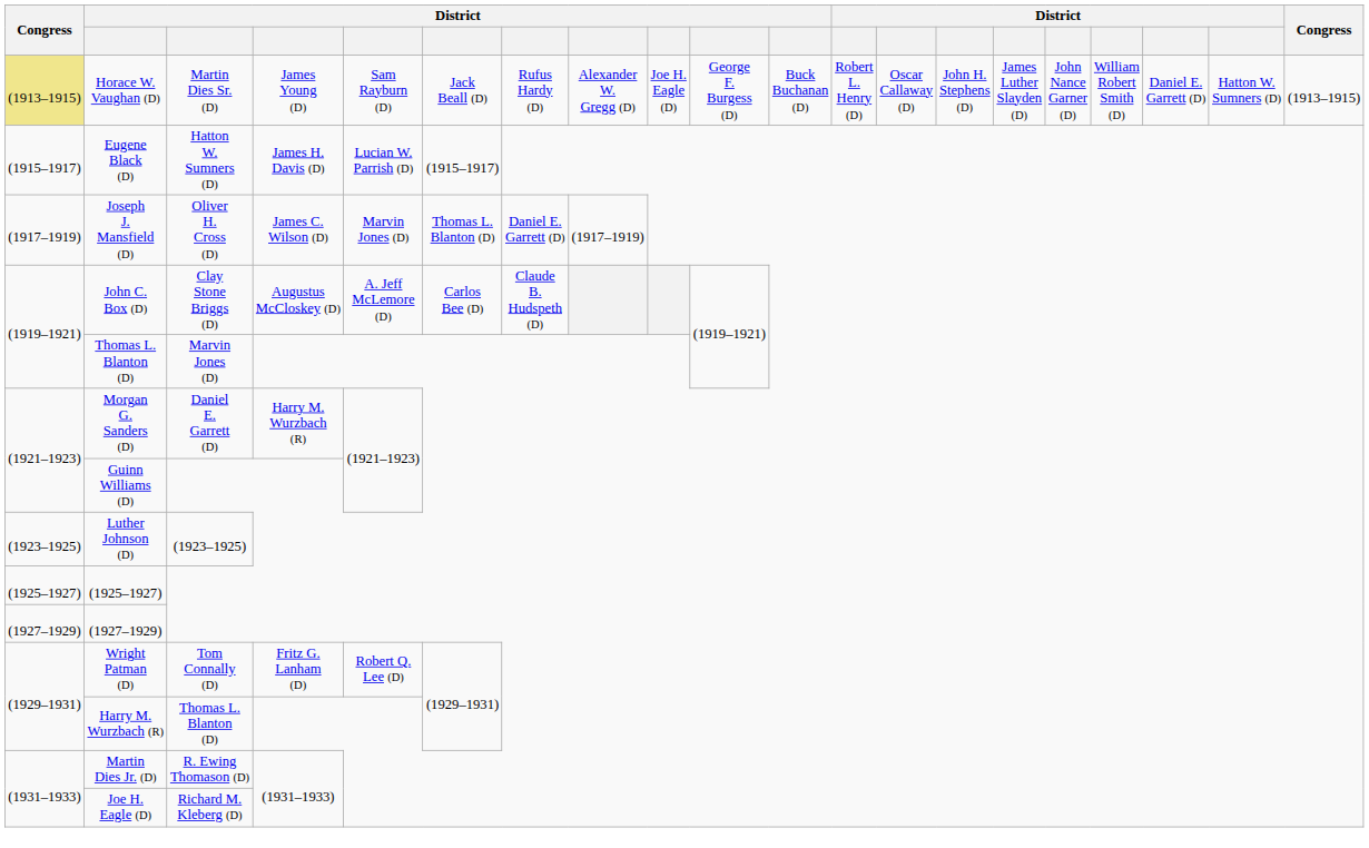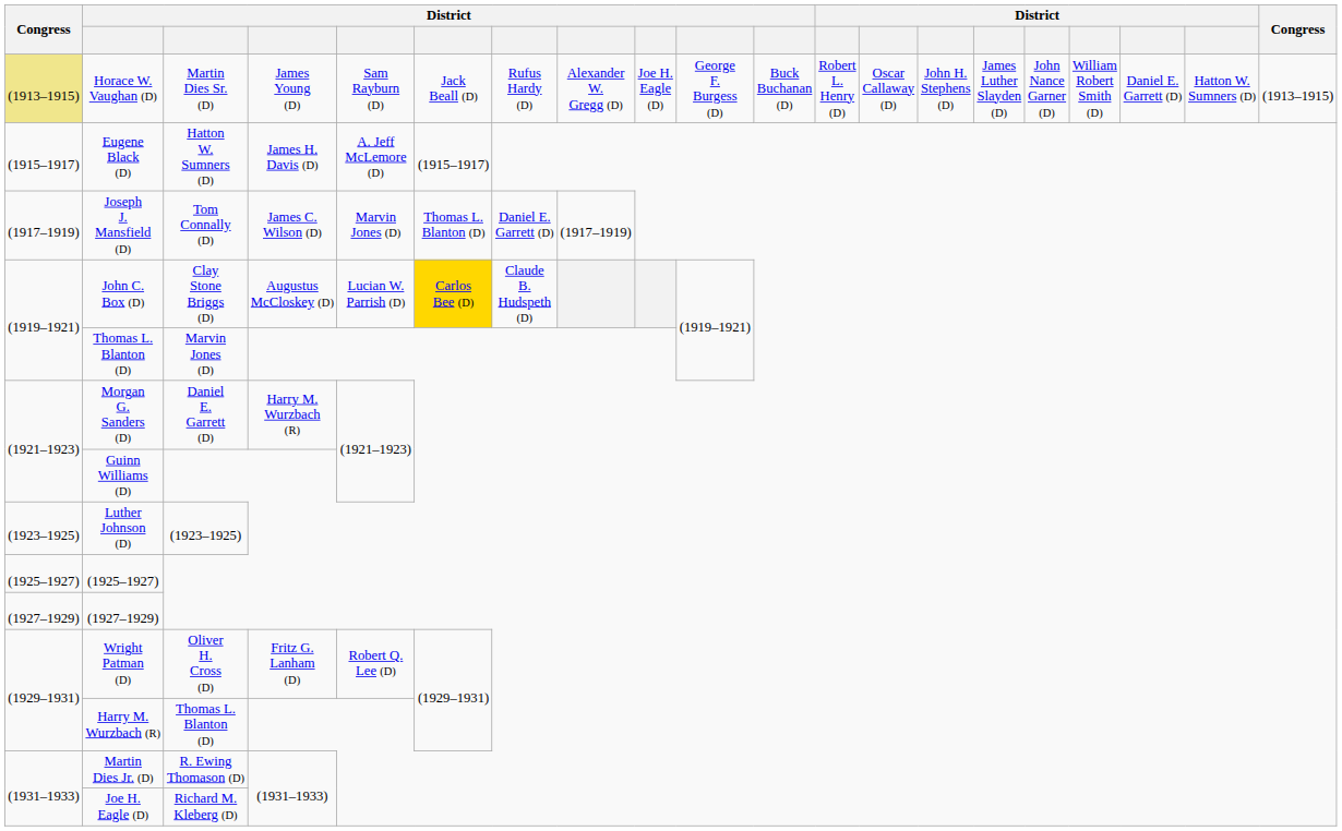 <table class=wikitable style="text-align:center">
 <tr>
 <th rowspan=2>Cong­ress</th>
 <th colspan=10>District</th>
 <th colspan=8>District</th>
 <th rowspan=2>Cong­ress</th>
 </tr>
 <tr style="height:2em">
 <th></th>
 <th></th>
 <th></th>
 <th></th>
 <th></th>
 <th></th>
 <th></th>
 <th></th>
 <th></th>
 <th></th>
 <th></th>
 <th></th>
 <th></th>
 <th></th>
 <th></th>
 <th></th>
 <th></th>
 <th></th>
 </tr>
 <tr style="height:2em">
 <td style="background: khaki;"><strong></strong><br>(1913–1915)</td>
 <td><a href='#'>Horace W.<br>Vaughan</a> <small>(D)</small></td>
 <td><a href='#'>Martin<br>Dies Sr.</a><br><small>(D)</small></td>
 <td><a href='#'>James<br>Young</a><br><small>(D)</small></td>
 <td><a href='#'>Sam<br>Rayburn</a><br><small>(D)</small></td>
 <td><a href='#'>Jack<br>Beall</a> <small>(D)</small></td>
 <td><a href='#'>Rufus<br>Hardy</a><br><small>(D)</small></td>
 <td><a href='#'>Alexander<br>W.<br>Gregg</a> <small>(D)</small></td>
 <td><a href='#'>Joe H.<br>Eagle</a><br><small>(D)</small></td>
 <td><a href='#'>George<br>F.<br>Burgess</a><br><small>(D)</small></td>
 <td><a href='#'>Buck<br>Buchanan</a><br><small>(D)</small></td>
 <td><a href='#'>Robert<br>L.<br>Henry</a><br><small>(D)</small></td>
 <td><a href='#'>Oscar<br>Callaway</a><br><small>(D)</small></td>
 <td><a href='#'>John H.<br>Stephens</a><br><small>(D)</small></td>
 <td><a href='#'>James<br>Luther<br>Slayden</a><br><small>(D)</small></td>
 <td><a href='#'>John<br>Nance<br>Garner</a><br><small>(D)</small></td>
 <td><a href='#'>William<br>Robert<br>Smith</a><br><small>(D)</small></td>
 <td><a href='#'>Daniel E.<br>Garrett</a> <small>(D)</small></td>
 <td><a href='#'>Hatton W.<br>Sumners</a> <small>(D)</small></td>
 <td><strong></strong><br>(1913–1915)</td>
 </tr>
 <tr style="height:2em">
 <td><strong></strong><br>(1915–1917)</td>
 <td><a href='#'>Eugene<br>Black</a><br><small>(D)</small></td>
 <td><a href='#'>Hatton<br>W.<br>Sumners</a><br><small>(D)</small></td>
 <td><a href='#'>James H.<br>Davis</a> <small>(D)</small></td>
-<td><a href='#'>Lucian W.<br>Parrish</a> <small>(D)</small></td>
+<td><a href='#'>A. Jeff<br>McLemore</a><br><small>(D)</small></td>
 <td><strong></strong><br>(1915–1917)</td>
 </tr>
 <tr style="height:2em">
 <td><strong></strong><br>(1917–1919)</td>
 <td><a href='#'>Joseph<br>J.<br>Mansfield</a><br><small>(D)</small></td>
-<td><a href='#'>Oliver<br>H.<br>Cross</a><br><small>(D)</small></td>
+<td><a href='#'>Tom<br>Connally</a><br><small>(D)</small></td>
 <td><a href='#'>James C.<br>Wilson</a> <small>(D)</small></td>
 <td><a href='#'>Marvin<br>Jones</a> <small>(D)</small></td>
 <td><a href='#'>Thomas L.<br>Blanton</a> <small>(D)</small></td>
 <td><a href='#'>Daniel E.<br>Garrett</a> <small>(D)</small></td>
 <td><strong></strong><br>(1917–1919)</td>
 </tr>
 <tr style="height:2em">
 <td rowspan=2><strong></strong><br>(1919–1921)</td>
 <td><a href='#'>John C.<br>Box</a> <small>(D)</small></td>
 <td><a href='#'>Clay<br>Stone<br>Briggs</a><br><small>(D)</small></td>
 <td><a href='#'>Augustus<br>McClos­key</a> <small>(D)</small></td>
-<td><a href='#'>A. Jeff<br>McLemore</a><br><small>(D)</small></td>
-<td><a href='#'>Carlos<br>Bee</a> <small>(D)</small></td>
+<td><a href='#'>Lucian W.<br>Parrish</a> <small>(D)</small></td>
+<td style="background: gold;"><a href='#'>Carlos<br>Bee</a> <small>(D)</small></td>
 <td><a href='#'>Claude<br>B.<br>Huds­peth</a><br><small>(D)</small></td>
 <th></th>
 <th></th>
 <td rowspan=2><strong></strong><br>(1919–1921)</td>
 </tr>
 <tr style="height:2em">
 <td><a href='#'>Thomas L.<br>Blanton</a><br><small>(D)</small></td>
 <td><a href='#'>Marvin<br>Jones</a><br><small>(D)</small></td>
 </tr>
 <tr style="height:2em">
 <td rowspan=2><strong></strong><br>(1921–1923)</td>
 <td><a href='#'>Morgan<br>G.<br>Sanders</a><br><small>(D)</small></td>
 <td><a href='#'>Daniel<br>E.<br>Garrett</a><br><small>(D)</small></td>
 <td><a href='#'>Harry M.<br>Wurz­bach</a><br><small>(R)</small></td>
 <td rowspan=2><strong></strong><br>(1921–1923)</td>
 </tr>
 <tr style="height:2em">
 <td><a href='#'>Guinn<br>Williams</a><br><small>(D)</small></td>
 </tr>
 <tr style="height:2em">
 <td><strong></strong><br>(1923–1925)</td>
 <td><a href='#'>Luther<br>Johnson</a><br><small>(D)</small></td>
 <td><strong></strong><br>(1923–1925)</td>
 </tr>
 <tr style="height:2em">
 <td><strong></strong><br>(1925–1927)</td>
 <td><strong></strong><br>(1925–1927)</td>
 </tr>
 <tr style="height:2em">
 <td><strong></strong><br>(1927–1929)</td>
 <td><strong></strong><br>(1927–1929)</td>
 </tr>
 <tr style="height:2em">
 <td rowspan=2><strong></strong><br>(1929–1931)</td>
 <td><a href='#'>Wright<br>Patman</a><br><small>(D)</small></td>
-<td><a href='#'>Tom<br>Connally</a><br><small>(D)</small></td>
+<td><a href='#'>Oliver<br>H.<br>Cross</a><br><small>(D)</small></td>
 <td><a href='#'>Fritz G.<br>Lanham</a><br><small>(D)</small></td>
 <td><a href='#'>Robert Q.<br>Lee</a> <small>(D)</small></td>
 <td rowspan=2><strong></strong><br>(1929–1931)</td>
 </tr>
 <tr style="height:2em">
 <td><a href='#'>Harry M.<br>Wurz­bach</a> <small>(R)</small></td>
 <td><a href='#'>Thomas L.<br>Blanton</a><br><small>(D)</small></td>
 </tr>
 <tr style="height:2em">
 <td rowspan=2><strong></strong><br>(1931–1933)</td>
 <td><a href='#'>Martin<br>Dies Jr.</a> <small>(D)</small></td>
 <td><a href='#'>R. Ewing<br>Thomason</a> <small>(D)</small></td>
 <td rowspan=2><strong></strong><br>(1931–1933)</td>
 </tr>
 <tr style="height:2em">
 <td><a href='#'>Joe H.<br>Eagle</a> <small>(D)</small></td>
 <td><a href='#'>Richard M.<br>Kleberg</a> <small>(D)</small></td>
 </tr>
 </table>
